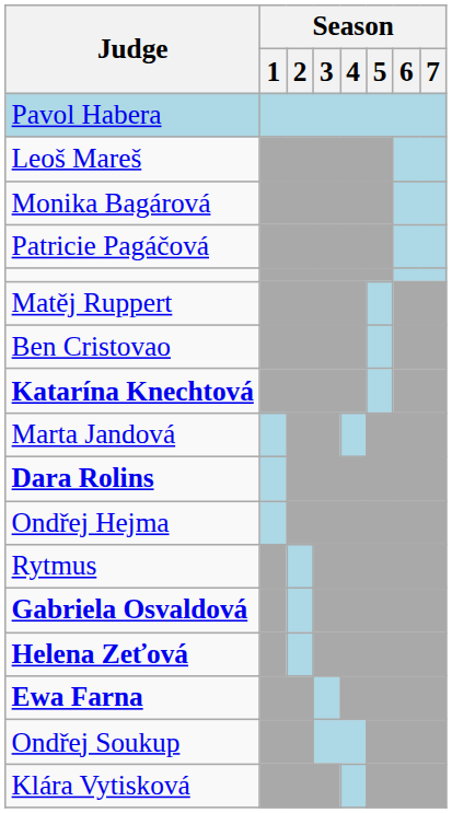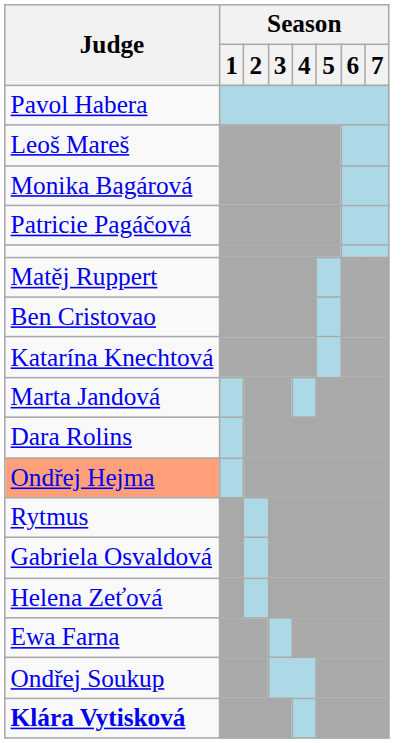 <table class="wikitable">
 <tr>
 <th rowspan="2">Judge</th>
 <th colspan="7">Season</th>
 </tr>
 <tr>
 <th>1</th>
 <th>2</th>
 <th>3</th>
 <th>4</th>
 <th>5</th>
 <th>6</th>
 <th>7</th>
 </tr>
 <tr>
-<td style="background: lightblue;"><a href='#'>Pavol Habera</a></td>
+<td><a href='#'>Pavol Habera</a></td>
 <td colspan="7" style="text-align:center; background:lightblue;"></td>
 </tr>
 <tr>
 <td><a href='#'>Leoš Mareš</a></td>
 <td bgcolor="darkgray" colspan="5"></td>
 <td colspan="2" style="text-align:center; background:lightblue;"></td>
 </tr>
 <tr>
 <td><a href='#'>Monika Bagárová</a></td>
 <td bgcolor="darkgray" colspan="5"></td>
 <td colspan="2" style="text-align:center; background:lightblue;"></td>
 </tr>
 <tr>
 <td><a href='#'>Patricie Pagáčová</a></td>
 <td bgcolor="darkgray" colspan="5"></td>
 <td colspan="2" style="text-align:center; background:lightblue;"></td>
 </tr>
 <tr>
 <td></td>
 <td bgcolor="darkgray" colspan="5"></td>
 <td colspan="2" style="text-align:center; background:lightblue;"></td>
 </tr>
 <tr>
 <td><a href='#'>Matěj Ruppert</a></td>
 <td bgcolor="darkgray" colspan="4"></td>
 <td colspan="1" style="text-align:center; background:lightblue;"></td>
 <td bgcolor="darkgray" colspan="2"></td>
 </tr>
 <tr>
 <td><a href='#'>Ben Cristovao</a></td>
 <td bgcolor="darkgray" colspan="4"></td>
 <td colspan="1" style="text-align:center; background:lightblue;"></td>
 <td bgcolor="darkgray" colspan="2"></td>
 </tr>
 <tr>
-<td><strong><a href='#'>Katarína Knechtová</a></strong></td>
+<td><a href='#'>Katarína Knechtová</a></td>
 <td bgcolor="darkgray" colspan="4"></td>
 <td colspan="1" style="text-align:center; background:lightblue;"></td>
 <td bgcolor="darkgray" colspan="2"></td>
 </tr>
 <tr>
 <td><a href='#'>Marta Jandová</a></td>
 <td colspan="1" style="text-align:center; background:lightblue;"></td>
 <td bgcolor="darkgray" colspan="2"></td>
 <td colspan="1" style="text-align:center; background:lightblue;"></td>
 <td bgcolor="darkgray" colspan="3"></td>
 </tr>
 <tr>
-<td><strong><a href='#'>Dara Rolins</a></strong></td>
+<td><a href='#'>Dara Rolins</a></td>
 <td colspan="1" style="text-align:center; background:lightblue;"></td>
 <td bgcolor="darkgray" colspan="6"></td>
 </tr>
 <tr>
-<td><a href='#'>Ondřej Hejma</a></td>
+<td style="background: lightsalmon;"><a href='#'>Ondřej Hejma</a></td>
 <td colspan="1" style="text-align:center; background:lightblue;"></td>
 <td bgcolor="darkgray" colspan="6"></td>
 </tr>
 <tr>
 <td><a href='#'>Rytmus</a></td>
 <td bgcolor="darkgray" colspan="1"></td>
 <td colspan="1" style="text-align:center; background:lightblue;"></td>
 <td bgcolor="darkgray" colspan="5"></td>
 </tr>
 <tr>
-<td><strong><a href='#'>Gabriela Osvaldová</a></strong></td>
+<td><a href='#'>Gabriela Osvaldová</a></td>
 <td bgcolor="darkgray" colspan="1"></td>
 <td colspan="1" style="text-align:center; background:lightblue;"></td>
 <td bgcolor="darkgray" colspan="5"></td>
 </tr>
 <tr>
-<td><strong><a href='#'>Helena Zeťová</a></strong></td>
+<td><a href='#'>Helena Zeťová</a></td>
 <td bgcolor="darkgray" colspan="1"></td>
 <td colspan="1" style="text-align:center; background:lightblue;"></td>
 <td bgcolor="darkgray" colspan="5"></td>
 </tr>
 <tr>
-<td><strong><a href='#'>Ewa Farna</a></strong></td>
+<td><a href='#'>Ewa Farna</a></td>
 <td colspan="2" bgcolor="darkgray"></td>
 <td colspan="1" style="text-align:center; background:lightblue;"></td>
 <td bgcolor="darkgray" colspan="4"></td>
 </tr>
 <tr>
 <td><a href='#'>Ondřej Soukup</a></td>
 <td bgcolor="darkgray" colspan="2"></td>
 <td colspan="2" style="text-align:center; background:lightblue;"></td>
 <td bgcolor="darkgray" colspan="3"></td>
 </tr>
 <tr>
-<td><a href='#'>Klára Vytisková</a></td>
+<td><strong><a href='#'>Klára Vytisková</a></strong></td>
 <td bgcolor="darkgray" colspan="3"></td>
 <td colspan="1" style="text-align:center; background:lightblue;"></td>
 <td bgcolor="darkgray" colspan="3"></td>
 </tr>
 </table>
